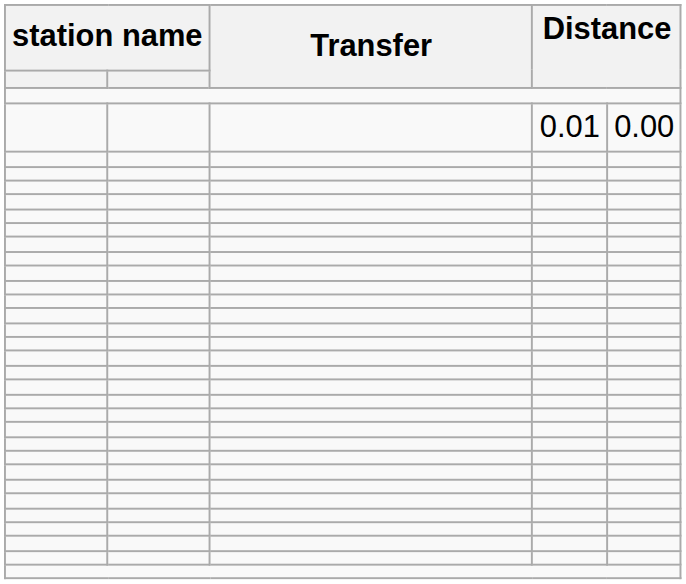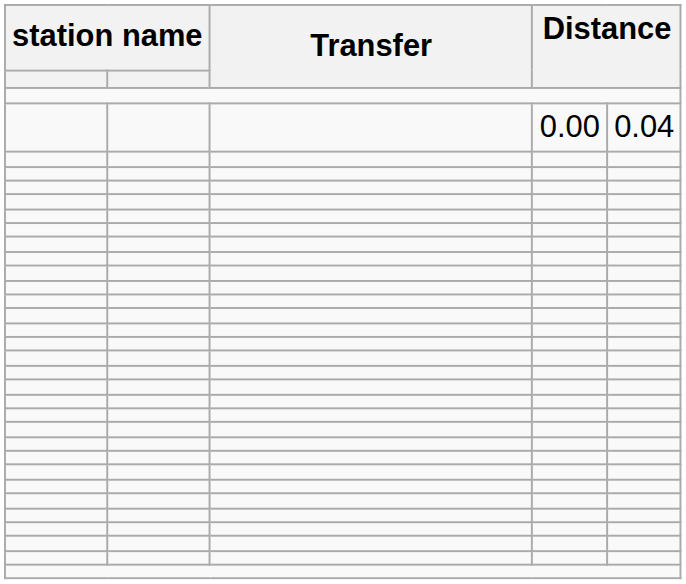 <table class="wikitable">
 <tr>
 <th colspan=2>station name</th>
 <th rowspan=2 width = "160pt">Transfer</th>
 <th colspan="2" rowspan="2">Distance<br><br></th>
 </tr>
 <tr>
 <th></th>
 <th></th>
 </tr>
 <tr style="background:#">
 <td colspan = "5"></td>
 </tr>
 <tr>
 <td></td>
 <td></td>
 <td></td>
-<td>0.01</td>
 <td>0.00</td>
+<td>0.04</td>
 </tr>
 <tr>
 <td></td>
 <td></td>
 <td></td>
 <td></td>
 <td></td>
 </tr>
 <tr>
 <td></td>
 <td></td>
 <td></td>
 <td></td>
 <td></td>
 </tr>
 <tr>
 <td></td>
 <td></td>
 <td></td>
 <td></td>
 <td></td>
 </tr>
 <tr>
 <td></td>
 <td></td>
 <td></td>
 <td></td>
 <td></td>
 </tr>
 <tr>
 <td></td>
 <td></td>
 <td></td>
 <td></td>
 <td></td>
 </tr>
 <tr>
 <td></td>
 <td></td>
 <td></td>
 <td></td>
 <td></td>
 </tr>
 <tr>
 <td></td>
 <td></td>
 <td></td>
 <td></td>
 <td></td>
 </tr>
 <tr>
 <td></td>
 <td></td>
 <td></td>
 <td></td>
 <td></td>
 </tr>
 <tr>
 <td></td>
 <td></td>
 <td></td>
 <td></td>
 <td></td>
 </tr>
 <tr>
 <td></td>
 <td></td>
 <td></td>
 <td></td>
 <td></td>
 </tr>
 <tr>
 <td></td>
 <td></td>
 <td></td>
 <td></td>
 <td></td>
 </tr>
 <tr>
 <td></td>
 <td></td>
 <td></td>
 <td></td>
 <td></td>
 </tr>
 <tr>
 <td></td>
 <td></td>
 <td></td>
 <td></td>
 <td></td>
 </tr>
 <tr>
 <td></td>
 <td></td>
 <td></td>
 <td></td>
 <td></td>
 </tr>
 <tr>
 <td></td>
 <td></td>
 <td></td>
 <td></td>
 <td></td>
 </tr>
 <tr>
 <td></td>
 <td></td>
 <td></td>
 <td></td>
 <td></td>
 </tr>
 <tr>
 <td></td>
 <td></td>
 <td></td>
 <td></td>
 <td></td>
 </tr>
 <tr>
 <td></td>
 <td></td>
 <td></td>
 <td></td>
 <td></td>
 </tr>
 <tr>
 <td></td>
 <td></td>
 <td></td>
 <td></td>
 <td></td>
 </tr>
 <tr>
 <td></td>
 <td></td>
 <td></td>
 <td></td>
 <td></td>
 </tr>
 <tr>
 <td></td>
 <td></td>
 <td></td>
 <td></td>
 <td></td>
 </tr>
 <tr>
 <td></td>
 <td></td>
 <td></td>
 <td></td>
 <td></td>
 </tr>
 <tr>
 <td></td>
 <td></td>
 <td></td>
 <td></td>
 <td></td>
 </tr>
 <tr>
 <td></td>
 <td></td>
 <td></td>
 <td></td>
 <td></td>
 </tr>
 <tr>
 <td></td>
 <td></td>
 <td></td>
 <td></td>
 <td></td>
 </tr>
 <tr>
 <td></td>
 <td></td>
 <td></td>
 <td></td>
 <td></td>
 </tr>
 <tr>
 <td></td>
 <td></td>
 <td></td>
 <td></td>
 <td></td>
 </tr>
 <tr>
 <td></td>
 <td></td>
 <td></td>
 <td></td>
 <td></td>
 </tr>
 <tr>
 <td></td>
 <td></td>
 <td></td>
 <td></td>
 <td></td>
 </tr>
 <tr style="background:#">
 <td colspan = "5"></td>
 </tr>
 </table>
